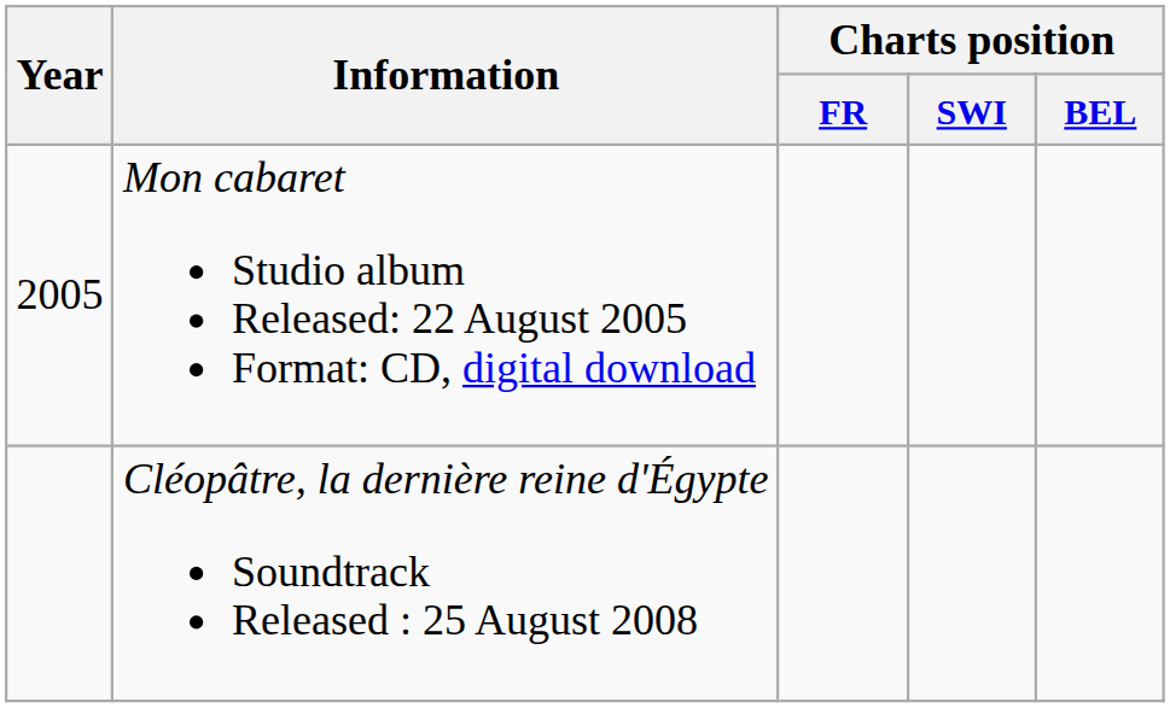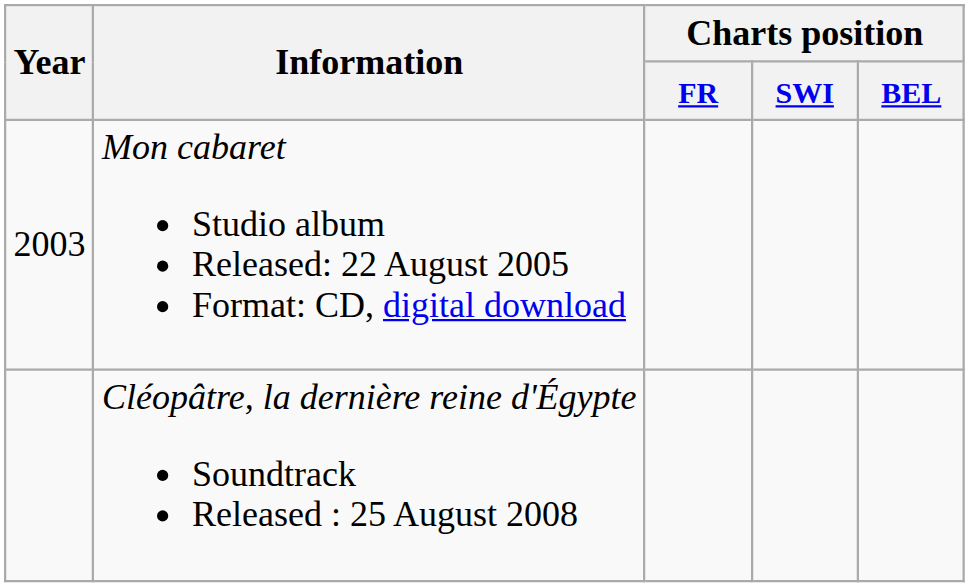 <table class="wikitable">
 <tr>
 <th align="center" rowspan="2">Year</th>
 <th align="center" rowspan="2">Information</th>
 <th align="center" colspan="3">Charts position</th>
 </tr>
 <tr>
 <th width="40"><small><a href='#'>FR</a></small></th>
 <th width="40"><small><a href='#'>SWI</a></small></th>
 <th width="40"><small><a href='#'>BEL</a></small></th>
 </tr>
 <tr>
-<td>2005</td>
+<td>2003</td>
 <td><em>Mon cabaret</em><br><ul><li>Studio album</li><li>Released: 22 August 2005</li><li>Format: CD, <a href='#'>digital download</a></li></ul></td>
 <td></td>
 <td></td>
 <td></td>
 </tr>
 <tr>
 <td></td>
 <td><em>Cléopâtre, la dernière reine d'Égypte</em><br><ul><li>Soundtrack</li><li>Released :  25 August 2008</li></ul></td>
 <td></td>
 <td></td>
 <td></td>
 </tr>
 </table>
